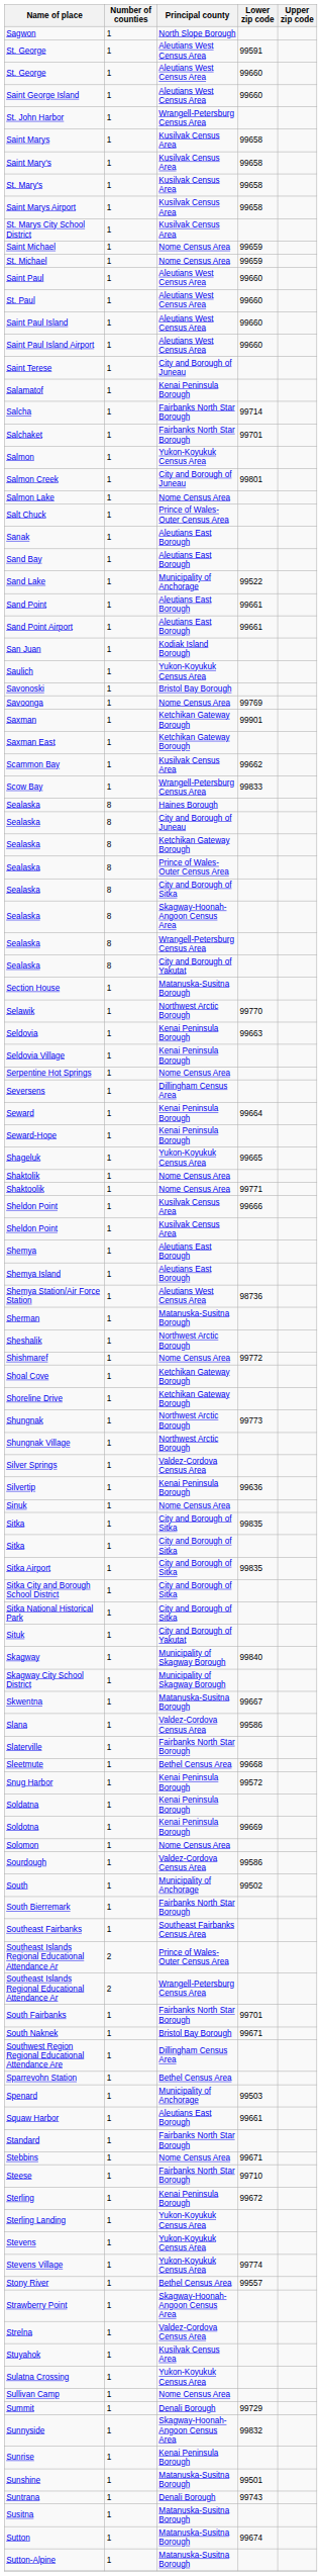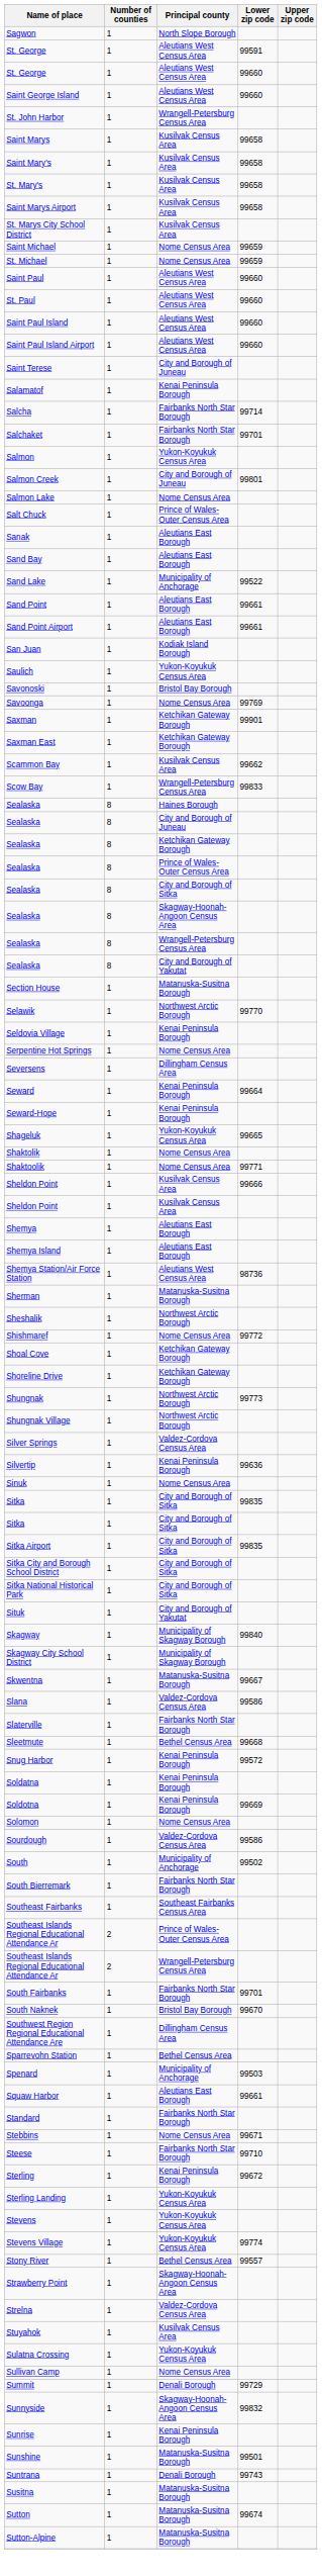 <table class="wikitable">
 <tr>
 <th>Name of place</th>
 <th>Number of counties</th>
 <th>Principal county</th>
 <th>Lower zip code</th>
 <th>Upper zip code</th>
 </tr>
 <tr --->
 <td><a href='#'>Sagwon</a></td>
 <td>1</td>
 <td><a href='#'>North Slope Borough</a></td>
 <td> </td>
 <td> </td>
 </tr>
 <tr --->
 <td><a href='#'>St. George</a></td>
 <td>1</td>
 <td><a href='#'>Aleutians West Census Area</a></td>
 <td>99591</td>
 <td> </td>
 </tr>
 <tr --->
 <td><a href='#'>St. George</a></td>
 <td>1</td>
 <td><a href='#'>Aleutians West Census Area</a></td>
 <td>99660</td>
 <td> </td>
 </tr>
 <tr --->
 <td><a href='#'>Saint George Island</a></td>
 <td>1</td>
 <td><a href='#'>Aleutians West Census Area</a></td>
 <td>99660</td>
 <td> </td>
 </tr>
 <tr --->
 <td><a href='#'>St. John Harbor</a></td>
 <td>1</td>
 <td><a href='#'>Wrangell-Petersburg Census Area</a></td>
 <td> </td>
 <td> </td>
 </tr>
 <tr --->
 <td><a href='#'>Saint Marys</a></td>
 <td>1</td>
 <td><a href='#'>Kusilvak Census Area</a></td>
 <td>99658</td>
 <td> </td>
 </tr>
 <tr --->
 <td><a href='#'>Saint Mary's</a></td>
 <td>1</td>
 <td><a href='#'>Kusilvak Census Area</a></td>
 <td>99658</td>
 <td> </td>
 </tr>
 <tr --->
 <td><a href='#'>St. Mary's</a></td>
 <td>1</td>
 <td><a href='#'>Kusilvak Census Area</a></td>
 <td>99658</td>
 <td> </td>
 </tr>
 <tr --->
 <td><a href='#'>Saint Marys Airport</a></td>
 <td>1</td>
 <td><a href='#'>Kusilvak Census Area</a></td>
 <td>99658</td>
 <td> </td>
 </tr>
 <tr --->
 <td><a href='#'>St. Marys City School District</a></td>
 <td>1</td>
 <td><a href='#'>Kusilvak Census Area</a></td>
 <td> </td>
 <td> </td>
 </tr>
 <tr --->
 <td><a href='#'>Saint Michael</a></td>
 <td>1</td>
 <td><a href='#'>Nome Census Area</a></td>
 <td>99659</td>
 <td> </td>
 </tr>
 <tr --->
 <td><a href='#'>St. Michael</a></td>
 <td>1</td>
 <td><a href='#'>Nome Census Area</a></td>
 <td>99659</td>
 <td> </td>
 </tr>
 <tr --->
 <td><a href='#'>Saint Paul</a></td>
 <td>1</td>
 <td><a href='#'>Aleutians West Census Area</a></td>
 <td>99660</td>
 <td> </td>
 </tr>
 <tr --->
 <td><a href='#'>St. Paul</a></td>
 <td>1</td>
 <td><a href='#'>Aleutians West Census Area</a></td>
 <td>99660</td>
 <td> </td>
 </tr>
 <tr --->
 <td><a href='#'>Saint Paul Island</a></td>
 <td>1</td>
 <td><a href='#'>Aleutians West Census Area</a></td>
 <td>99660</td>
 <td> </td>
 </tr>
 <tr --->
 <td><a href='#'>Saint Paul Island Airport</a></td>
 <td>1</td>
 <td><a href='#'>Aleutians West Census Area</a></td>
 <td>99660</td>
 <td> </td>
 </tr>
 <tr --->
 <td><a href='#'>Saint Terese</a></td>
 <td>1</td>
 <td><a href='#'>City and Borough of Juneau</a></td>
 <td> </td>
 <td> </td>
 </tr>
 <tr --->
 <td><a href='#'>Salamatof</a></td>
 <td>1</td>
 <td><a href='#'>Kenai Peninsula Borough</a></td>
 <td> </td>
 <td> </td>
 </tr>
 <tr --->
 <td><a href='#'>Salcha</a></td>
 <td>1</td>
 <td><a href='#'>Fairbanks North Star Borough</a></td>
 <td>99714</td>
 <td> </td>
 </tr>
 <tr --->
 <td><a href='#'>Salchaket</a></td>
 <td>1</td>
 <td><a href='#'>Fairbanks North Star Borough</a></td>
 <td>99701</td>
 <td> </td>
 </tr>
 <tr --->
 <td><a href='#'>Salmon</a></td>
 <td>1</td>
 <td><a href='#'>Yukon-Koyukuk Census Area</a></td>
 <td> </td>
 <td> </td>
 </tr>
 <tr --->
 <td><a href='#'>Salmon Creek</a></td>
 <td>1</td>
 <td><a href='#'>City and Borough of Juneau</a></td>
 <td>99801</td>
 <td> </td>
 </tr>
 <tr --->
 <td><a href='#'>Salmon Lake</a></td>
 <td>1</td>
 <td><a href='#'>Nome Census Area</a></td>
 <td> </td>
 <td> </td>
 </tr>
 <tr --->
 <td><a href='#'>Salt Chuck</a></td>
 <td>1</td>
 <td><a href='#'>Prince of Wales-Outer Census Area</a></td>
 <td> </td>
 <td> </td>
 </tr>
 <tr --->
 <td><a href='#'>Sanak</a></td>
 <td>1</td>
 <td><a href='#'>Aleutians East Borough</a></td>
 <td> </td>
 <td> </td>
 </tr>
 <tr --->
 <td><a href='#'>Sand Bay</a></td>
 <td>1</td>
 <td><a href='#'>Aleutians East Borough</a></td>
 <td> </td>
 <td> </td>
 </tr>
 <tr --->
 <td><a href='#'>Sand Lake</a></td>
 <td>1</td>
 <td><a href='#'>Municipality of Anchorage</a></td>
 <td>99522</td>
 <td> </td>
 </tr>
 <tr --->
 <td><a href='#'>Sand Point</a></td>
 <td>1</td>
 <td><a href='#'>Aleutians East Borough</a></td>
 <td>99661</td>
 <td> </td>
 </tr>
 <tr --->
 <td><a href='#'>Sand Point Airport</a></td>
 <td>1</td>
 <td><a href='#'>Aleutians East Borough</a></td>
 <td>99661</td>
 <td> </td>
 </tr>
 <tr --->
 <td><a href='#'>San Juan</a></td>
 <td>1</td>
 <td><a href='#'>Kodiak Island Borough</a></td>
 <td> </td>
 <td> </td>
 </tr>
 <tr --->
 <td><a href='#'>Saulich</a></td>
 <td>1</td>
 <td><a href='#'>Yukon-Koyukuk Census Area</a></td>
 <td> </td>
 <td> </td>
 </tr>
 <tr --->
 <td><a href='#'>Savonoski</a></td>
 <td>1</td>
 <td><a href='#'>Bristol Bay Borough</a></td>
 <td> </td>
 <td> </td>
 </tr>
 <tr --->
 <td><a href='#'>Savoonga</a></td>
 <td>1</td>
 <td><a href='#'>Nome Census Area</a></td>
 <td>99769</td>
 <td> </td>
 </tr>
 <tr --->
 <td><a href='#'>Saxman</a></td>
 <td>1</td>
 <td><a href='#'>Ketchikan Gateway Borough</a></td>
 <td>99901</td>
 <td> </td>
 </tr>
 <tr --->
 <td><a href='#'>Saxman East</a></td>
 <td>1</td>
 <td><a href='#'>Ketchikan Gateway Borough</a></td>
 <td> </td>
 <td> </td>
 </tr>
 <tr --->
 <td><a href='#'>Scammon Bay</a></td>
 <td>1</td>
 <td><a href='#'>Kusilvak Census Area</a></td>
 <td>99662</td>
 <td> </td>
 </tr>
 <tr --->
 <td><a href='#'>Scow Bay</a></td>
 <td>1</td>
 <td><a href='#'>Wrangell-Petersburg Census Area</a></td>
 <td>99833</td>
 <td> </td>
 </tr>
 <tr --->
 <td><a href='#'>Sealaska</a></td>
 <td>8</td>
 <td><a href='#'>Haines Borough</a></td>
 <td> </td>
 <td> </td>
 </tr>
 <tr --->
 <td><a href='#'>Sealaska</a></td>
 <td>8</td>
 <td><a href='#'>City and Borough of Juneau</a></td>
 <td> </td>
 <td> </td>
 </tr>
 <tr --->
 <td><a href='#'>Sealaska</a></td>
 <td>8</td>
 <td><a href='#'>Ketchikan Gateway Borough</a></td>
 <td> </td>
 <td> </td>
 </tr>
 <tr --->
 <td><a href='#'>Sealaska</a></td>
 <td>8</td>
 <td><a href='#'>Prince of Wales-Outer Census Area</a></td>
 <td> </td>
 <td> </td>
 </tr>
 <tr --->
 <td><a href='#'>Sealaska</a></td>
 <td>8</td>
 <td><a href='#'>City and Borough of Sitka</a></td>
 <td> </td>
 <td> </td>
 </tr>
 <tr --->
 <td><a href='#'>Sealaska</a></td>
 <td>8</td>
 <td><a href='#'>Skagway-Hoonah-Angoon Census Area</a></td>
 <td> </td>
 <td> </td>
 </tr>
 <tr --->
 <td><a href='#'>Sealaska</a></td>
 <td>8</td>
 <td><a href='#'>Wrangell-Petersburg Census Area</a></td>
 <td> </td>
 <td> </td>
 </tr>
 <tr --->
 <td><a href='#'>Sealaska</a></td>
 <td>8</td>
 <td><a href='#'>City and Borough of Yakutat</a></td>
 <td> </td>
 <td> </td>
 </tr>
 <tr --->
 <td><a href='#'>Section House</a></td>
 <td>1</td>
 <td><a href='#'>Matanuska-Susitna Borough</a></td>
 <td> </td>
 <td> </td>
 </tr>
 <tr --->
 <td><a href='#'>Selawik</a></td>
 <td>1</td>
 <td><a href='#'>Northwest Arctic Borough</a></td>
 <td>99770</td>
 <td> </td>
 </tr>
 <tr --->
-<td><a href='#'>Seldovia</a></td>
-<td>1</td>
-<td><a href='#'>Kenai Peninsula Borough</a></td>
-<td>99663</td>
-<td> </td>
-</tr>
-<tr --->
 <td><a href='#'>Seldovia Village</a></td>
 <td>1</td>
 <td><a href='#'>Kenai Peninsula Borough</a></td>
 <td> </td>
 <td> </td>
 </tr>
 <tr --->
 <td><a href='#'>Serpentine Hot Springs</a></td>
 <td>1</td>
 <td><a href='#'>Nome Census Area</a></td>
 <td> </td>
 <td> </td>
 </tr>
 <tr --->
 <td><a href='#'>Seversens</a></td>
 <td>1</td>
 <td><a href='#'>Dillingham Census Area</a></td>
 <td> </td>
 <td> </td>
 </tr>
 <tr --->
 <td><a href='#'>Seward</a></td>
 <td>1</td>
 <td><a href='#'>Kenai Peninsula Borough</a></td>
 <td>99664</td>
 <td> </td>
 </tr>
 <tr --->
 <td><a href='#'>Seward-Hope</a></td>
 <td>1</td>
 <td><a href='#'>Kenai Peninsula Borough</a></td>
 <td> </td>
 <td> </td>
 </tr>
 <tr --->
 <td><a href='#'>Shageluk</a></td>
 <td>1</td>
 <td><a href='#'>Yukon-Koyukuk Census Area</a></td>
 <td>99665</td>
 <td> </td>
 </tr>
 <tr --->
 <td><a href='#'>Shaktolik</a></td>
 <td>1</td>
 <td><a href='#'>Nome Census Area</a></td>
 <td> </td>
 <td> </td>
 </tr>
 <tr --->
 <td><a href='#'>Shaktoolik</a></td>
 <td>1</td>
 <td><a href='#'>Nome Census Area</a></td>
 <td>99771</td>
 <td> </td>
 </tr>
 <tr --->
 <td><a href='#'>Sheldon Point</a></td>
 <td>1</td>
 <td><a href='#'>Kusilvak Census Area</a></td>
 <td>99666</td>
 <td> </td>
 </tr>
 <tr --->
 <td><a href='#'>Sheldon Point</a></td>
 <td>1</td>
 <td><a href='#'>Kusilvak Census Area</a></td>
 <td> </td>
 <td> </td>
 </tr>
 <tr --->
 <td><a href='#'>Shemya</a></td>
 <td>1</td>
 <td><a href='#'>Aleutians East Borough</a></td>
 <td> </td>
 <td> </td>
 </tr>
 <tr --->
 <td><a href='#'>Shemya Island</a></td>
 <td>1</td>
 <td><a href='#'>Aleutians East Borough</a></td>
 <td> </td>
 <td> </td>
 </tr>
 <tr --->
 <td><a href='#'>Shemya Station/Air Force Station</a></td>
 <td>1</td>
 <td><a href='#'>Aleutians West Census Area</a></td>
 <td>98736</td>
 <td> </td>
 </tr>
 <tr --->
 <td><a href='#'>Sherman</a></td>
 <td>1</td>
 <td><a href='#'>Matanuska-Susitna Borough</a></td>
 <td> </td>
 <td> </td>
 </tr>
 <tr --->
 <td><a href='#'>Sheshalik</a></td>
 <td>1</td>
 <td><a href='#'>Northwest Arctic Borough</a></td>
 <td> </td>
 <td> </td>
 </tr>
 <tr --->
 <td><a href='#'>Shishmaref</a></td>
 <td>1</td>
 <td><a href='#'>Nome Census Area</a></td>
 <td>99772</td>
 <td> </td>
 </tr>
 <tr --->
 <td><a href='#'>Shoal Cove</a></td>
 <td>1</td>
 <td><a href='#'>Ketchikan Gateway Borough</a></td>
 <td> </td>
 <td> </td>
 </tr>
 <tr --->
 <td><a href='#'>Shoreline Drive</a></td>
 <td>1</td>
 <td><a href='#'>Ketchikan Gateway Borough</a></td>
 <td> </td>
 <td> </td>
 </tr>
 <tr --->
 <td><a href='#'>Shungnak</a></td>
 <td>1</td>
 <td><a href='#'>Northwest Arctic Borough</a></td>
 <td>99773</td>
 <td> </td>
 </tr>
 <tr --->
 <td><a href='#'>Shungnak Village</a></td>
 <td>1</td>
 <td><a href='#'>Northwest Arctic Borough</a></td>
 <td> </td>
 <td> </td>
 </tr>
 <tr --->
 <td><a href='#'>Silver Springs</a></td>
 <td>1</td>
 <td><a href='#'>Valdez-Cordova Census Area</a></td>
 <td> </td>
 <td> </td>
 </tr>
 <tr --->
 <td><a href='#'>Silvertip</a></td>
 <td>1</td>
 <td><a href='#'>Kenai Peninsula Borough</a></td>
 <td>99636</td>
 <td> </td>
 </tr>
 <tr --->
 <td><a href='#'>Sinuk</a></td>
 <td>1</td>
 <td><a href='#'>Nome Census Area</a></td>
 <td> </td>
 <td> </td>
 </tr>
 <tr --->
 <td><a href='#'>Sitka</a></td>
 <td>1</td>
 <td><a href='#'>City and Borough of Sitka</a></td>
 <td>99835</td>
 <td> </td>
 </tr>
 <tr --->
 <td><a href='#'>Sitka</a></td>
 <td>1</td>
 <td><a href='#'>City and Borough of Sitka</a></td>
 <td> </td>
 <td> </td>
 </tr>
 <tr --->
 <td><a href='#'>Sitka Airport</a></td>
 <td>1</td>
 <td><a href='#'>City and Borough of Sitka</a></td>
 <td>99835</td>
 <td> </td>
 </tr>
 <tr --->
 <td><a href='#'>Sitka City and Borough School District</a></td>
 <td>1</td>
 <td><a href='#'>City and Borough of Sitka</a></td>
 <td> </td>
 <td> </td>
 </tr>
 <tr --->
 <td><a href='#'>Sitka National Historical Park</a></td>
 <td>1</td>
 <td><a href='#'>City and Borough of Sitka</a></td>
 <td> </td>
 <td> </td>
 </tr>
 <tr --->
 <td><a href='#'>Situk</a></td>
 <td>1</td>
 <td><a href='#'>City and Borough of Yakutat</a></td>
 <td> </td>
 <td> </td>
 </tr>
 <tr --->
 <td><a href='#'>Skagway</a></td>
 <td>1</td>
 <td><a href='#'>Municipality of Skagway Borough</a></td>
 <td>99840</td>
 <td> </td>
 </tr>
 <tr --->
 <td><a href='#'>Skagway City School District</a></td>
 <td>1</td>
 <td><a href='#'>Municipality of Skagway Borough</a></td>
 <td> </td>
 <td> </td>
 </tr>
 <tr --->
 <td><a href='#'>Skwentna</a></td>
 <td>1</td>
 <td><a href='#'>Matanuska-Susitna Borough</a></td>
 <td>99667</td>
 <td> </td>
 </tr>
 <tr --->
 <td><a href='#'>Slana</a></td>
 <td>1</td>
 <td><a href='#'>Valdez-Cordova Census Area</a></td>
 <td>99586</td>
 <td> </td>
 </tr>
 <tr --->
 <td><a href='#'>Slaterville</a></td>
 <td>1</td>
 <td><a href='#'>Fairbanks North Star Borough</a></td>
 <td> </td>
 <td> </td>
 </tr>
 <tr --->
 <td><a href='#'>Sleetmute</a></td>
 <td>1</td>
 <td><a href='#'>Bethel Census Area</a></td>
 <td>99668</td>
 <td> </td>
 </tr>
 <tr --->
 <td><a href='#'>Snug Harbor</a></td>
 <td>1</td>
 <td><a href='#'>Kenai Peninsula Borough</a></td>
 <td>99572</td>
 <td> </td>
 </tr>
 <tr --->
 <td><a href='#'>Soldatna</a></td>
 <td>1</td>
 <td><a href='#'>Kenai Peninsula Borough</a></td>
 <td> </td>
 <td> </td>
 </tr>
 <tr --->
 <td><a href='#'>Soldotna</a></td>
 <td>1</td>
 <td><a href='#'>Kenai Peninsula Borough</a></td>
 <td>99669</td>
 <td> </td>
 </tr>
 <tr --->
 <td><a href='#'>Solomon</a></td>
 <td>1</td>
 <td><a href='#'>Nome Census Area</a></td>
 <td> </td>
 <td> </td>
 </tr>
 <tr --->
 <td><a href='#'>Sourdough</a></td>
 <td>1</td>
 <td><a href='#'>Valdez-Cordova Census Area</a></td>
 <td>99586</td>
 <td> </td>
 </tr>
 <tr --->
 <td><a href='#'>South</a></td>
 <td>1</td>
 <td><a href='#'>Municipality of Anchorage</a></td>
 <td>99502</td>
 <td> </td>
 </tr>
 <tr --->
 <td><a href='#'>South Bierremark</a></td>
 <td>1</td>
 <td><a href='#'>Fairbanks North Star Borough</a></td>
 <td> </td>
 <td> </td>
 </tr>
 <tr --->
 <td><a href='#'>Southeast Fairbanks</a></td>
 <td>1</td>
 <td><a href='#'>Southeast Fairbanks Census Area</a></td>
 <td> </td>
 <td> </td>
 </tr>
 <tr --->
 <td><a href='#'>Southeast Islands Regional Educational Attendance Ar</a></td>
 <td>2</td>
 <td><a href='#'>Prince of Wales-Outer Census Area</a></td>
 <td> </td>
 <td> </td>
 </tr>
 <tr --->
 <td><a href='#'>Southeast Islands Regional Educational Attendance Ar</a></td>
 <td>2</td>
 <td><a href='#'>Wrangell-Petersburg Census Area</a></td>
 <td> </td>
 <td> </td>
 </tr>
 <tr --->
 <td><a href='#'>South Fairbanks</a></td>
 <td>1</td>
 <td><a href='#'>Fairbanks North Star Borough</a></td>
 <td>99701</td>
 <td> </td>
 </tr>
 <tr --->
 <td><a href='#'>South Naknek</a></td>
 <td>1</td>
 <td><a href='#'>Bristol Bay Borough</a></td>
-<td>99671</td>
+<td>99670</td>
 <td> </td>
 </tr>
 <tr --->
 <td><a href='#'>Southwest Region Regional Educational Attendance Are</a></td>
 <td>1</td>
 <td><a href='#'>Dillingham Census Area</a></td>
 <td> </td>
 <td> </td>
 </tr>
 <tr --->
 <td><a href='#'>Sparrevohn Station</a></td>
 <td>1</td>
 <td><a href='#'>Bethel Census Area</a></td>
 <td> </td>
 <td> </td>
 </tr>
 <tr --->
 <td><a href='#'>Spenard</a></td>
 <td>1</td>
 <td><a href='#'>Municipality of Anchorage</a></td>
 <td>99503</td>
 <td> </td>
 </tr>
 <tr --->
 <td><a href='#'>Squaw Harbor</a></td>
 <td>1</td>
 <td><a href='#'>Aleutians East Borough</a></td>
 <td>99661</td>
 <td> </td>
 </tr>
 <tr --->
 <td><a href='#'>Standard</a></td>
 <td>1</td>
 <td><a href='#'>Fairbanks North Star Borough</a></td>
 <td> </td>
 <td> </td>
 </tr>
 <tr --->
 <td><a href='#'>Stebbins</a></td>
 <td>1</td>
 <td><a href='#'>Nome Census Area</a></td>
 <td>99671</td>
 <td> </td>
 </tr>
 <tr --->
 <td><a href='#'>Steese</a></td>
 <td>1</td>
 <td><a href='#'>Fairbanks North Star Borough</a></td>
 <td>99710</td>
 <td> </td>
 </tr>
 <tr --->
 <td><a href='#'>Sterling</a></td>
 <td>1</td>
 <td><a href='#'>Kenai Peninsula Borough</a></td>
 <td>99672</td>
 <td> </td>
 </tr>
 <tr --->
 <td><a href='#'>Sterling Landing</a></td>
 <td>1</td>
 <td><a href='#'>Yukon-Koyukuk Census Area</a></td>
 <td> </td>
 <td> </td>
 </tr>
 <tr --->
 <td><a href='#'>Stevens</a></td>
 <td>1</td>
 <td><a href='#'>Yukon-Koyukuk Census Area</a></td>
 <td> </td>
 <td> </td>
 </tr>
 <tr --->
 <td><a href='#'>Stevens Village</a></td>
 <td>1</td>
 <td><a href='#'>Yukon-Koyukuk Census Area</a></td>
 <td>99774</td>
 <td> </td>
 </tr>
 <tr --->
 <td><a href='#'>Stony River</a></td>
 <td>1</td>
 <td><a href='#'>Bethel Census Area</a></td>
 <td>99557</td>
 <td> </td>
 </tr>
 <tr --->
 <td><a href='#'>Strawberry Point</a></td>
 <td>1</td>
 <td><a href='#'>Skagway-Hoonah-Angoon Census Area</a></td>
 <td> </td>
 <td> </td>
 </tr>
 <tr --->
 <td><a href='#'>Strelna</a></td>
 <td>1</td>
 <td><a href='#'>Valdez-Cordova Census Area</a></td>
 <td> </td>
 <td> </td>
 </tr>
 <tr --->
 <td><a href='#'>Stuyahok</a></td>
 <td>1</td>
 <td><a href='#'>Kusilvak Census Area</a></td>
 <td> </td>
 <td> </td>
 </tr>
 <tr --->
 <td><a href='#'>Sulatna Crossing</a></td>
 <td>1</td>
 <td><a href='#'>Yukon-Koyukuk Census Area</a></td>
 <td> </td>
 <td> </td>
 </tr>
 <tr --->
 <td><a href='#'>Sullivan Camp</a></td>
 <td>1</td>
 <td><a href='#'>Nome Census Area</a></td>
 <td> </td>
 <td> </td>
 </tr>
 <tr --->
 <td><a href='#'>Summit</a></td>
 <td>1</td>
 <td><a href='#'>Denali Borough</a></td>
 <td>99729</td>
 <td> </td>
 </tr>
 <tr --->
 <td><a href='#'>Sunnyside</a></td>
 <td>1</td>
 <td><a href='#'>Skagway-Hoonah-Angoon Census Area</a></td>
 <td>99832</td>
 <td> </td>
 </tr>
 <tr --->
 <td><a href='#'>Sunrise</a></td>
 <td>1</td>
 <td><a href='#'>Kenai Peninsula Borough</a></td>
 <td> </td>
 <td> </td>
 </tr>
 <tr --->
 <td><a href='#'>Sunshine</a></td>
 <td>1</td>
 <td><a href='#'>Matanuska-Susitna Borough</a></td>
 <td>99501</td>
 <td> </td>
 </tr>
 <tr --->
 <td><a href='#'>Suntrana</a></td>
 <td>1</td>
 <td><a href='#'>Denali Borough</a></td>
 <td>99743</td>
 <td> </td>
 </tr>
 <tr --->
 <td><a href='#'>Susitna</a></td>
 <td>1</td>
 <td><a href='#'>Matanuska-Susitna Borough</a></td>
 <td> </td>
 <td> </td>
 </tr>
 <tr --->
 <td><a href='#'>Sutton</a></td>
 <td>1</td>
 <td><a href='#'>Matanuska-Susitna Borough</a></td>
 <td>99674</td>
 <td> </td>
 </tr>
 <tr --->
 <td><a href='#'>Sutton-Alpine</a></td>
 <td>1</td>
 <td><a href='#'>Matanuska-Susitna Borough</a></td>
 <td> </td>
 <td> </td>
 </tr>
 <tr --->
 </tr>
 </table>
